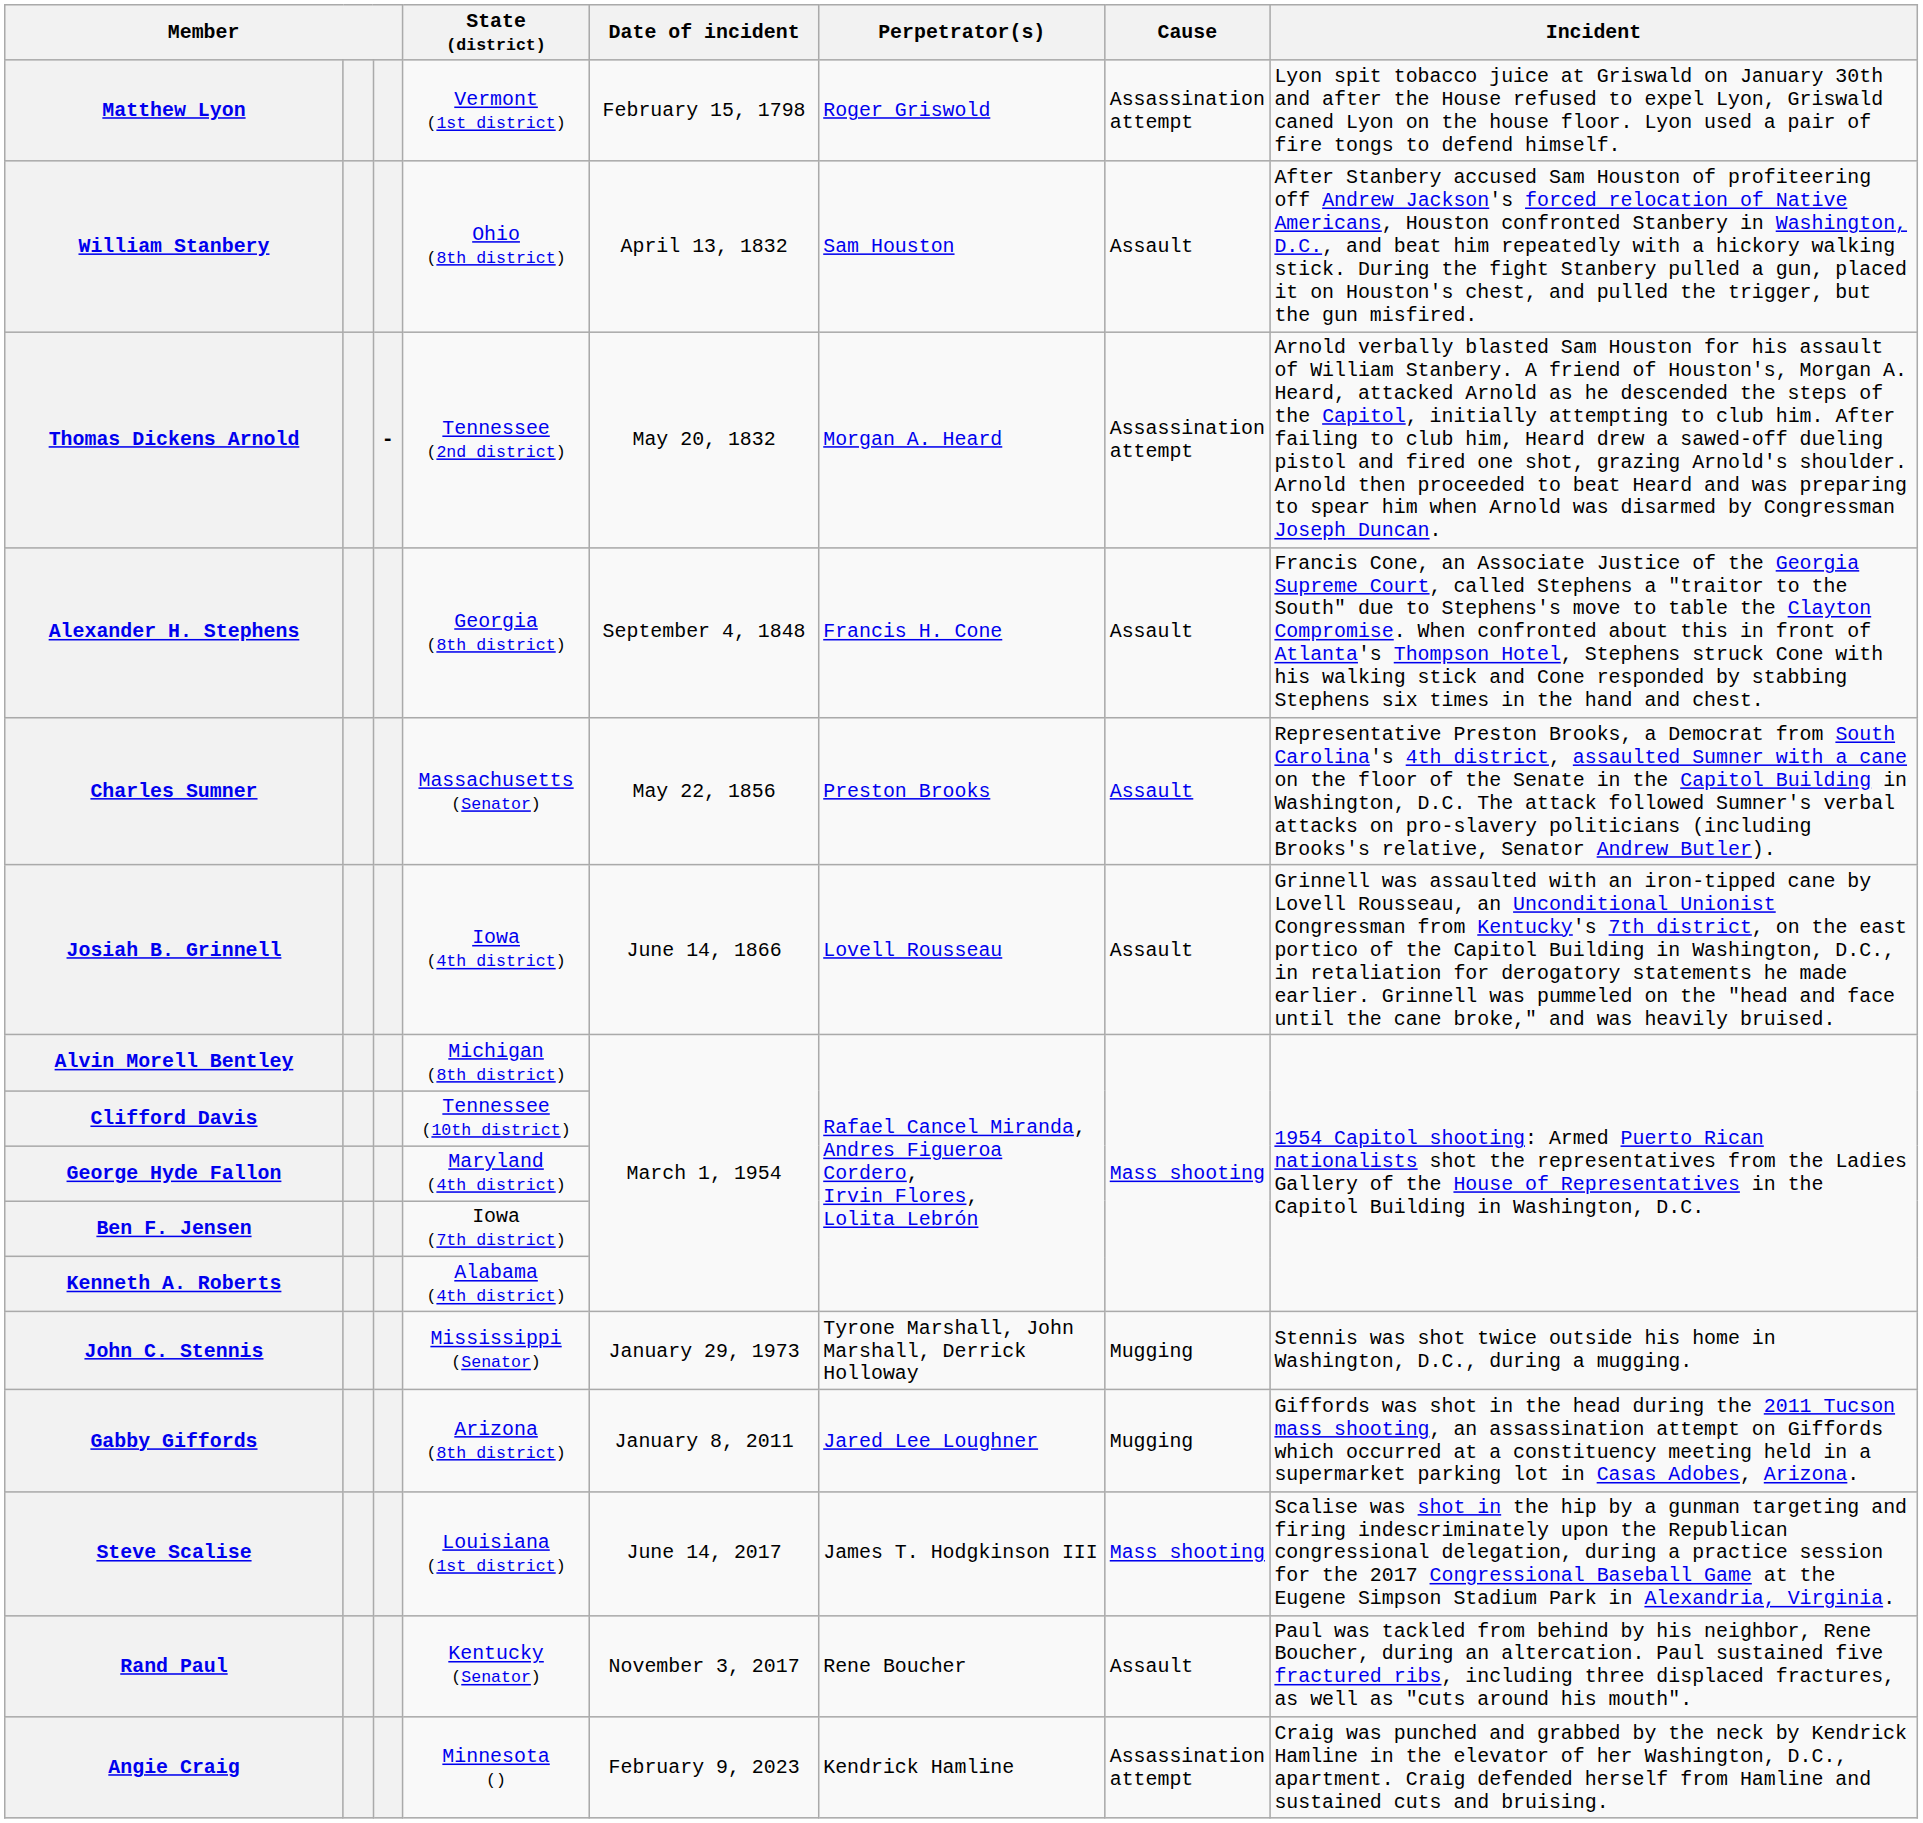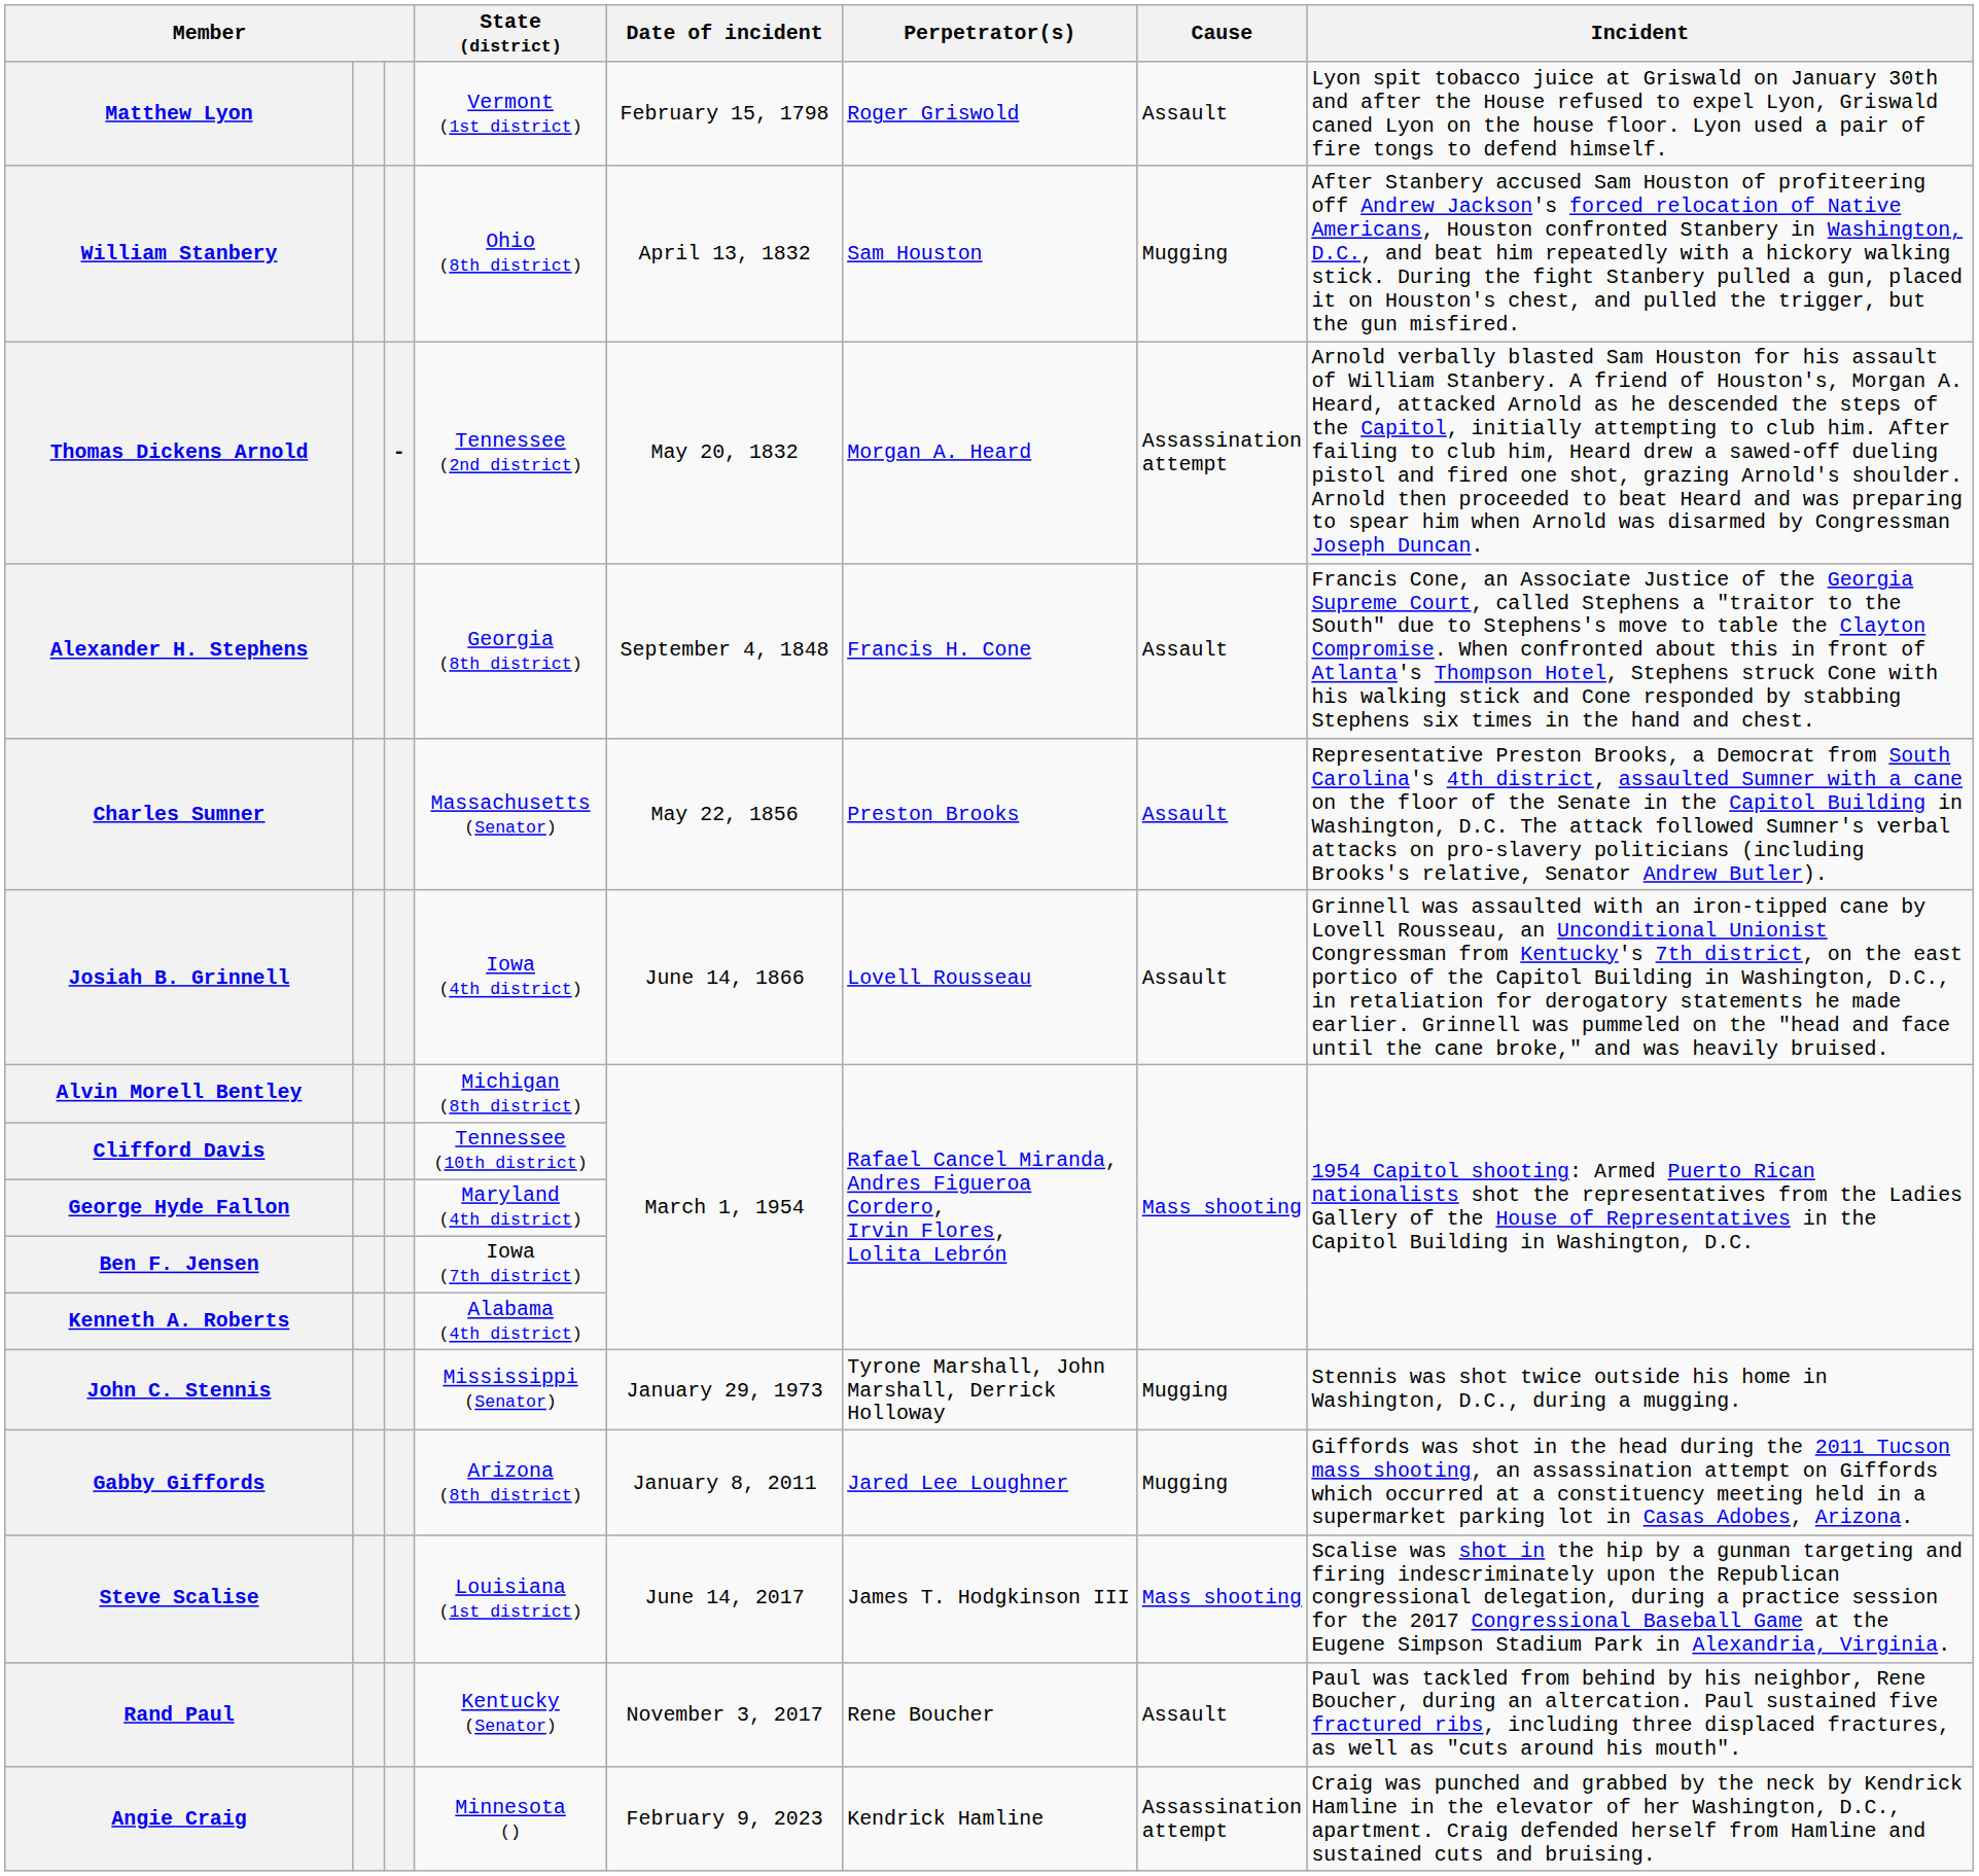 <table class="wikitable sortable" style="text-align:left">
 <tr>
 <th width="23%" colspan="3">Member</th>
 <th width="10%">State<br><small>(district)</small></th>
 <th width="13%">Date of incident</th>
 <th width="16%">Perpetrator(s)</th>
 <th>Cause</th>
 <th width="38%">Incident</th>
 </tr>
 <tr>
 <th><a href='#'>Matthew Lyon</a></th>
 <th style="background-color:"> </th>
 <th></th>
 <td align="center"><a href='#'>Vermont</a><br><small>(<a href='#'>1st district</a>)</small></td>
 <td align="center">February 15, 1798</td>
 <td><a href='#'>Roger Griswold</a></td>
-<td>Assassination attempt</td>
+<td>Assault</td>
 <td>Lyon spit tobacco juice at Griswald on January 30th and after the House refused to expel Lyon, Griswald caned Lyon on the house floor. Lyon used a pair of fire tongs to defend himself.</td>
 </tr>
 <tr>
 <th><a href='#'>William Stanbery</a></th>
 <th style="background-color:"> </th>
 <th></th>
 <td align="center"><a href='#'>Ohio</a><br><small>(<a href='#'>8th district</a>)</small></td>
 <td align="center">April 13, 1832</td>
 <td><a href='#'>Sam Houston</a></td>
-<td>Assault</td>
+<td>Mugging</td>
 <td>After Stanbery accused Sam Houston of profiteering off <a href='#'>Andrew Jackson</a>'s <a href='#'>forced relocation of Native Americans</a>, Houston confronted Stanbery in <a href='#'>Washington, D.C.</a>, and beat him repeatedly with a hickory walking stick. During the fight Stanbery pulled a gun, placed it on Houston's chest, and pulled the trigger, but the gun misfired.</td>
 </tr>
 <tr>
 <th><a href='#'>Thomas Dickens Arnold</a></th>
 <th style="background-color:"> </th>
 <th>-</th>
 <td align="center"><a href='#'>Tennessee</a><br><small>(<a href='#'>2nd district</a>)</small></td>
 <td align="center">May 20, 1832</td>
 <td><a href='#'>Morgan A. Heard</a></td>
 <td>Assassination attempt</td>
 <td>Arnold verbally blasted Sam Houston for his assault of William Stanbery. A friend of Houston's, Morgan A. Heard, attacked Arnold as he descended the steps of the <a href='#'>Capitol</a>, initially attempting to club him. After failing to club him, Heard drew a sawed-off dueling pistol and fired one shot, grazing Arnold's shoulder. Arnold then proceeded to beat Heard and was preparing to spear him when Arnold was disarmed by Congressman <a href='#'>Joseph Duncan</a>.</td>
 </tr>
 <tr>
 <th><a href='#'>Alexander H. Stephens</a></th>
 <th style="background-color:"> </th>
 <th></th>
 <td align="center"><a href='#'>Georgia</a><br><small>(<a href='#'>8th district</a>)</small></td>
 <td align="center">September 4, 1848</td>
 <td><a href='#'>Francis H. Cone</a></td>
 <td>Assault</td>
 <td>Francis Cone, an Associate Justice of the <a href='#'>Georgia Supreme Court</a>, called Stephens a "traitor to the South" due to Stephens's move to table the <a href='#'>Clayton Compromise</a>. When confronted about this in front of <a href='#'>Atlanta</a>'s <a href='#'>Thompson Hotel</a>, Stephens struck Cone with his walking stick and Cone responded by stabbing Stephens six times in the hand and chest.</td>
 </tr>
 <tr>
 <th><a href='#'>Charles Sumner</a></th>
 <th style="background: "> </th>
 <th></th>
 <td align="center"><a href='#'>Massachusetts</a><br><small>(<a href='#'>Senator</a>)</small></td>
 <td align="center">May 22, 1856</td>
 <td><a href='#'>Preston Brooks</a></td>
 <td><a href='#'>Assault</a></td>
 <td>Representative Preston Brooks, a Democrat from <a href='#'>South Carolina</a>'s <a href='#'>4th district</a>, <a href='#'>assaulted Sumner with a cane</a> on the floor of the Senate in the <a href='#'>Capitol Building</a> in Washington, D.C. The attack followed Sumner's verbal attacks on pro-slavery politicians (including Brooks's relative, Senator <a href='#'>Andrew Butler</a>).</td>
 </tr>
 <tr>
 <th><a href='#'>Josiah B. Grinnell</a></th>
 <th style="background: "> </th>
 <th></th>
 <td align="center"><a href='#'>Iowa</a><br><small>(<a href='#'>4th district</a>)</small></td>
 <td align="center">June 14, 1866</td>
 <td><a href='#'>Lovell Rousseau</a></td>
 <td>Assault</td>
 <td>Grinnell was assaulted with an iron-tipped cane by Lovell Rousseau, an <a href='#'>Unconditional Unionist</a> Congressman from <a href='#'>Kentucky</a>'s <a href='#'>7th district</a>, on the east portico of the Capitol Building in Washington, D.C., in retaliation for derogatory statements he made earlier. Grinnell was pummeled on the "head and face until the cane broke," and was heavily bruised.</td>
 </tr>
 <tr>
 <th><a href='#'>Alvin Morell Bentley</a></th>
 <th style="background: "> </th>
 <th></th>
 <td align="center"><a href='#'>Michigan</a><br><small>(<a href='#'>8th district</a>)</small></td>
 <td align="center" rowspan="5">March 1, 1954</td>
 <td rowspan="5"><a href='#'>Rafael Cancel Miranda</a>,<br><a href='#'>Andres Figueroa Cordero</a>,<br><a href='#'>Irvin Flores</a>,<br><a href='#'>Lolita Lebrón</a></td>
 <td rowspan="5"><a href='#'>Mass shooting</a></td>
 <td rowspan="5"><a href='#'>1954 Capitol shooting</a>: Armed <a href='#'>Puerto Rican nationalists</a> shot the representatives from the Ladies Gallery of the <a href='#'>House of Representatives</a> in the Capitol Building in Washington, D.C.</td>
 </tr>
 <tr>
 <th><a href='#'>Clifford Davis</a></th>
 <th style="background: "> </th>
 <th></th>
 <td align="center"><a href='#'>Tennessee</a><br><small>(<a href='#'>10th district</a>)</small></td>
 </tr>
 <tr>
 <th><a href='#'>George Hyde Fallon</a></th>
 <th style="background: "> </th>
 <th></th>
 <td align="center"><a href='#'>Maryland</a><br><small>(<a href='#'>4th district</a>)</small></td>
 </tr>
 <tr>
 <th><a href='#'>Ben F. Jensen</a></th>
 <th style="background: "> </th>
 <th></th>
 <td align="center">Iowa<br><small>(<a href='#'>7th district</a>)</small></td>
 </tr>
 <tr>
 <th><a href='#'>Kenneth A. Roberts</a></th>
 <th style="background: "> </th>
 <th></th>
 <td align="center"><a href='#'>Alabama</a><br><small>(<a href='#'>4th district</a>)</small></td>
 </tr>
 <tr>
 <th><a href='#'>John C. Stennis</a></th>
 <th style="background: "> </th>
 <th></th>
 <td align="center"><a href='#'>Mississippi</a><br><small>(<a href='#'>Senator</a>)</small></td>
 <td align="center">January 29, 1973</td>
 <td>Tyrone Marshall, John Marshall, Derrick Holloway</td>
 <td>Mugging</td>
 <td>Stennis was shot twice outside his home in Washington, D.C., during a mugging.</td>
 </tr>
 <tr>
 <th><a href='#'>Gabby Giffords</a></th>
 <th style="background: "> </th>
 <th></th>
 <td align="center"><a href='#'>Arizona</a><br><small>(<a href='#'>8th district</a>)</small></td>
 <td align="center">January 8, 2011</td>
 <td><a href='#'>Jared Lee Loughner</a></td>
 <td>Mugging</td>
 <td>Giffords was shot in the head during the <a href='#'>2011 Tucson mass shooting</a>, an assassination attempt on Giffords which occurred at a constituency meeting held in a supermarket parking lot in <a href='#'>Casas Adobes</a>, <a href='#'>Arizona</a>.</td>
 </tr>
 <tr>
 <th><a href='#'>Steve Scalise</a></th>
 <th style="background: "> </th>
 <th></th>
 <td align="center"><a href='#'>Louisiana</a><br><small>(<a href='#'>1st district</a>)</small></td>
 <td align="center">June 14, 2017</td>
 <td>James T. Hodgkinson III</td>
 <td><a href='#'>Mass shooting</a></td>
 <td>Scalise was <a href='#'>shot in</a> the hip by a gunman targeting and firing indescriminately upon the Republican congressional delegation, during a practice session for the 2017 <a href='#'>Congressional Baseball Game</a> at the Eugene Simpson Stadium Park in <a href='#'>Alexandria, Virginia</a>.</td>
 </tr>
 <tr>
 <th><a href='#'>Rand Paul</a></th>
 <th style="background: "> </th>
 <th></th>
 <td align="center"><a href='#'>Kentucky</a><br><small>(<a href='#'>Senator</a>)</small></td>
 <td align="center">November 3, 2017</td>
 <td>Rene Boucher</td>
 <td>Assault</td>
 <td>Paul was tackled from behind by his neighbor, Rene Boucher, during an altercation. Paul sustained five <a href='#'>fractured ribs</a>, including three displaced fractures, as well as "cuts around his mouth".</td>
 </tr>
 <tr>
 <th><a href='#'>Angie Craig</a></th>
 <th style="background: "> </th>
 <th></th>
 <td align="center"><a href='#'>Minnesota</a><br><small>()</small></td>
 <td align="center">February 9, 2023</td>
 <td>Kendrick Hamline</td>
 <td>Assassination attempt</td>
 <td>Craig was punched and grabbed by the neck by Kendrick Hamline in the elevator of her Washington, D.C., apartment. Craig defended herself from Hamline and sustained cuts and bruising.</td>
 </tr>
 </table>
